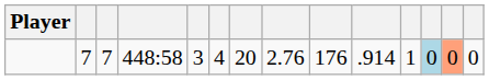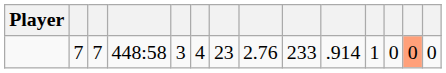 <table class="wikitable sortable" style="text-align:center;">
 <tr>
 <th>Player</th>
 <th></th>
 <th></th>
 <th></th>
 <th></th>
 <th></th>
 <th></th>
 <th></th>
 <th></th>
 <th></th>
 <th></th>
 <th></th>
 <th></th>
 <th></th>
 </tr>
 <tr>
 <td></td>
 <td>7</td>
 <td>7</td>
 <td>448:58</td>
 <td>3</td>
 <td>4</td>
-<td>20</td>
+<td>23</td>
 <td>2.76</td>
-<td>176</td>
+<td>233</td>
 <td>.914</td>
 <td>1</td>
-<td style="background: lightblue;">0</td>
+<td>0</td>
 <td style="background: lightsalmon;">0</td>
 <td>0</td>
 </tr>
 </table>
